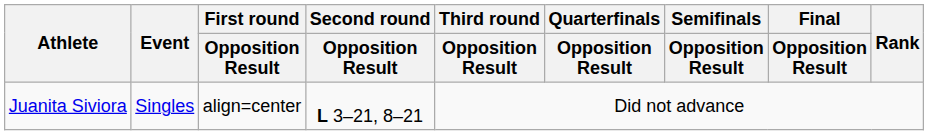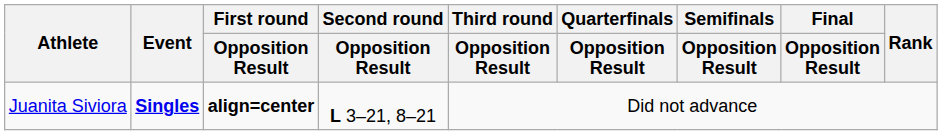 <table class=wikitable style=font-size:90%;text-align:center>
 <tr>
 <th rowspan="2">Athlete</th>
 <th rowspan="2">Event</th>
 <th>First round</th>
 <th>Second round</th>
 <th>Third round</th>
 <th>Quarterfinals</th>
 <th>Semifinals</th>
 <th>Final</th>
 <th rowspan="2">Rank</th>
 </tr>
 <tr>
 <th>Opposition<br>Result</th>
 <th>Opposition<br>Result</th>
 <th>Opposition<br>Result</th>
 <th>Opposition<br>Result</th>
 <th>Opposition<br>Result</th>
 <th>Opposition<br>Result</th>
 </tr>
 <tr>
 <td align=left><a href='#'>Juanita Siviora</a></td>
-<td align=left><a href='#'>Singles</a></td>
-<td>align=center </td>
+<td align=left><strong><a href='#'>Singles</a></strong></td>
+<td><strong>align=center </strong></td>
 <td><br><strong>L</strong> 3–21, 8–21</td>
 <td colspan="5">Did not advance</td>
 </tr>
 </table>
